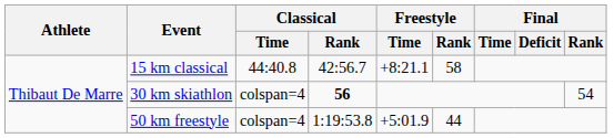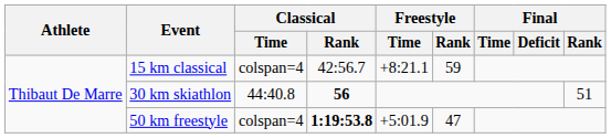 <table class=wikitable style=font-size:90%;text-align:center>
 <tr>
 <th rowspan=2>Athlete</th>
 <th rowspan=2>Event</th>
 <th colspan=2>Classical</th>
 <th colspan=2>Freestyle</th>
 <th colspan=3>Final</th>
 </tr>
 <tr style="font-size:95%">
 <th>Time</th>
 <th>Rank</th>
 <th>Time</th>
 <th>Rank</th>
 <th>Time</th>
 <th>Deficit</th>
 <th>Rank</th>
 </tr>
 <tr>
 <td align=left rowspan=3><a href='#'>Thibaut De Marre</a></td>
 <td align=left><a href='#'>15 km classical</a></td>
-<td>44:40.8</td>
+<td>colspan=4 </td>
 <td>42:56.7</td>
 <td>+8:21.1</td>
-<td>58</td>
+<td>59</td>
 </tr>
 <tr>
 <td align=left><a href='#'>30 km skiathlon</a></td>
-<td>colspan=4 </td>
+<td>44:40.8</td>
 <td><strong>56</strong></td>
 <td colspan=4></td>
-<td>54</td>
+<td>51</td>
 </tr>
 <tr>
 <td align=left><a href='#'>50 km freestyle</a></td>
 <td>colspan=4 </td>
-<td>1:19:53.8</td>
+<td><strong>1:19:53.8</strong></td>
 <td>+5:01.9</td>
-<td>44</td>
+<td>47</td>
 </tr>
 </table>
